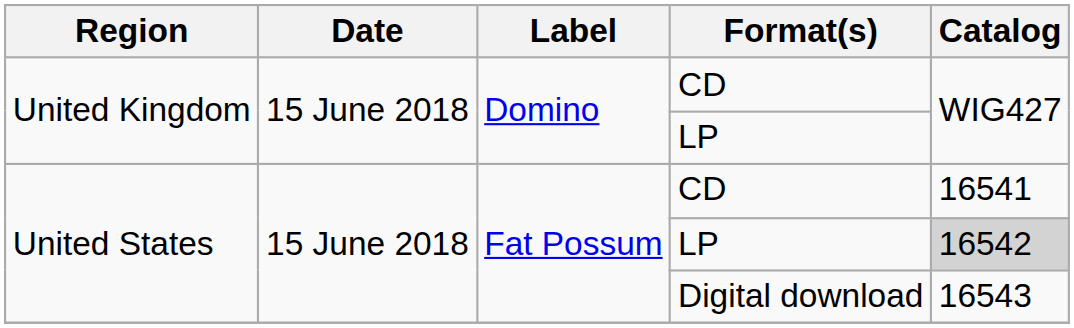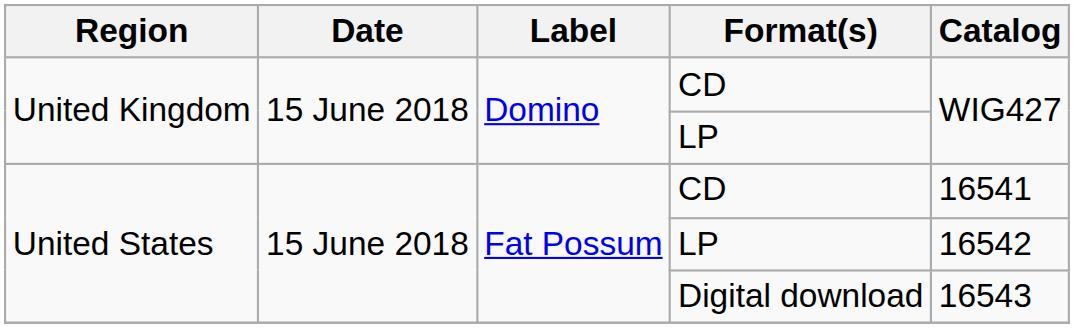 <table class="wikitable">
 <tr>
 <th>Region</th>
 <th>Date</th>
 <th>Label</th>
 <th>Format(s)</th>
 <th>Catalog</th>
 </tr>
 <tr>
 <td rowspan="2">United Kingdom</td>
 <td rowspan="2">15 June 2018</td>
 <td rowspan="2"><a href='#'>Domino</a></td>
 <td>CD</td>
 <td rowspan="2">WIG427</td>
 </tr>
 <tr>
 <td>LP</td>
 </tr>
 <tr>
 <td rowspan="3">United States</td>
 <td rowspan="3">15 June 2018</td>
 <td rowspan="3"><a href='#'>Fat Possum</a></td>
 <td>CD</td>
 <td>16541</td>
 </tr>
 <tr>
 <td>LP</td>
-<td style="background: lightgrey;">16542</td>
+<td>16542</td>
 </tr>
 <tr>
 <td>Digital download</td>
 <td>16543</td>
 </tr>
 <tr>
 </tr>
 </table>
